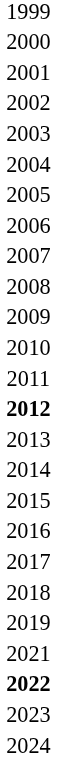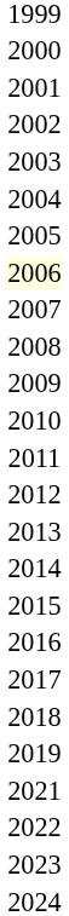 <table>
 <tr>
 <td align="center">1999</td>
 <td></td>
 <td></td>
 <td></td>
 </tr>
 <tr>
 <td align="center">2000</td>
 <td></td>
 <td></td>
 <td></td>
 </tr>
 <tr>
 <td align="center">2001</td>
 <td></td>
 <td></td>
 <td></td>
 </tr>
 <tr>
 <td align="center">2002</td>
 <td></td>
 <td></td>
 <td></td>
 </tr>
 <tr>
 <td align="center">2003</td>
 <td></td>
 <td></td>
 <td></td>
 </tr>
 <tr>
 <td align="center">2004</td>
 <td></td>
 <td></td>
 <td></td>
 </tr>
 <tr>
 <td align="center">2005</td>
 <td></td>
 <td></td>
 <td></td>
 </tr>
 <tr>
-<td align="center">2006</td>
+<td align="center" style="background: lightyellow;">2006</td>
 <td></td>
 <td></td>
 <td></td>
 </tr>
 <tr>
 <td align="center">2007</td>
 <td></td>
 <td></td>
 <td></td>
 </tr>
 <tr>
 <td align="center">2008</td>
 <td></td>
 <td></td>
 <td></td>
 </tr>
 <tr>
 <td align="center">2009</td>
 <td></td>
 <td></td>
 <td></td>
 </tr>
 <tr>
 <td align="center">2010</td>
 <td></td>
 <td></td>
 <td></td>
 </tr>
 <tr>
 <td align="center">2011</td>
 <td></td>
 <td></td>
 <td></td>
 </tr>
 <tr>
-<td align="center"><strong>2012</strong></td>
+<td align="center">2012</td>
 <td></td>
 <td></td>
 <td></td>
 </tr>
 <tr>
 <td align="center">2013</td>
 <td></td>
 <td></td>
 <td></td>
 </tr>
 <tr>
 <td align="center">2014</td>
 <td></td>
 <td></td>
 <td></td>
 </tr>
 <tr>
 <td align="center">2015</td>
 <td></td>
 <td></td>
 <td></td>
 </tr>
 <tr>
 <td align="center">2016</td>
 <td></td>
 <td></td>
 <td></td>
 </tr>
 <tr>
 <td align="center">2017</td>
 <td></td>
 <td></td>
 <td></td>
 </tr>
 <tr>
 <td align="center">2018</td>
 <td></td>
 <td></td>
 <td></td>
 </tr>
 <tr>
 <td align="center">2019</td>
 <td></td>
 <td></td>
 <td></td>
 </tr>
 <tr>
 <td align="center">2021</td>
 <td></td>
 <td></td>
 <td></td>
 </tr>
 <tr>
-<td align="center"><strong>2022</strong></td>
+<td align="center">2022</td>
 <td></td>
 <td></td>
 <td></td>
 </tr>
 <tr>
 <td align="center">2023</td>
 <td></td>
 <td></td>
 <td></td>
 </tr>
 <tr>
 <td align="center">2024</td>
 <td></td>
 <td></td>
 <td></td>
 </tr>
 </table>
